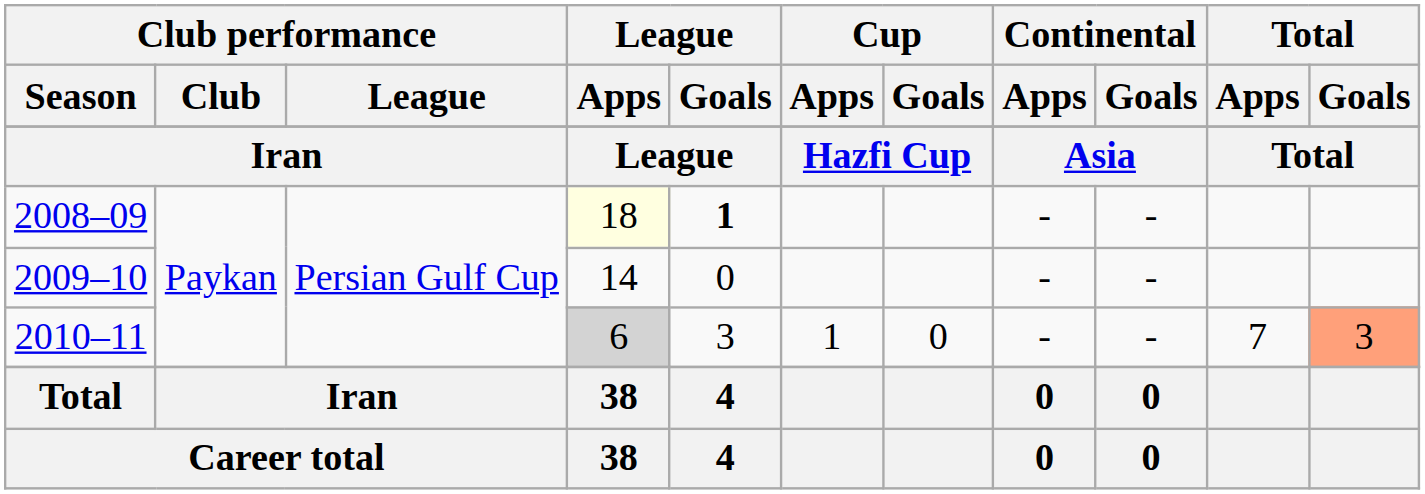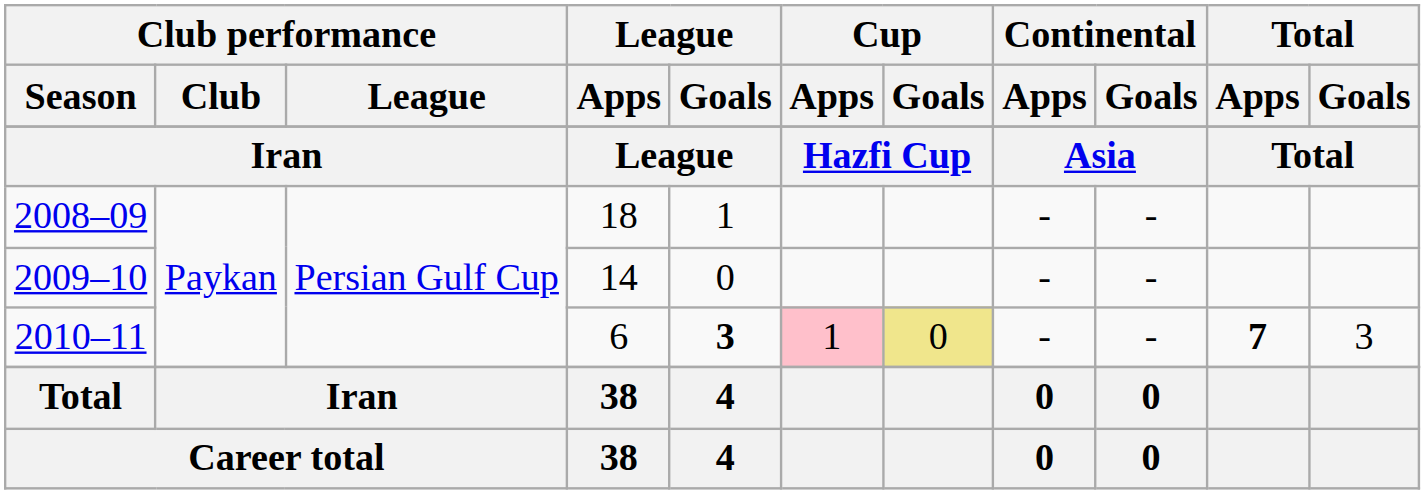 <table class="wikitable" style="text-align:center">
 <tr>
 <th colspan=3>Club performance</th>
 <th colspan=2>League</th>
 <th colspan=2>Cup</th>
 <th colspan=2>Continental</th>
 <th colspan=2>Total</th>
 </tr>
 <tr>
 <th>Season</th>
 <th>Club</th>
 <th>League</th>
 <th>Apps</th>
 <th>Goals</th>
 <th>Apps</th>
 <th>Goals</th>
 <th>Apps</th>
 <th>Goals</th>
 <th>Apps</th>
 <th>Goals</th>
 </tr>
 <tr>
 </tr>
 <tr>
 <th colspan=3>Iran</th>
 <th colspan=2>League</th>
 <th colspan=2><a href='#'>Hazfi Cup</a></th>
 <th colspan=2><a href='#'>Asia</a></th>
 <th colspan=2>Total</th>
 </tr>
 <tr>
 <td><a href='#'>2008–09</a></td>
 <td rowspan="3"><a href='#'>Paykan</a></td>
 <td rowspan="3"><a href='#'>Persian Gulf Cup</a></td>
-<td style="background: lightyellow;">18</td>
-<td><strong>1</strong></td>
+<td>18</td>
+<td>1</td>
 <td></td>
 <td></td>
 <td>-</td>
 <td>-</td>
 <td></td>
 <td></td>
 </tr>
 <tr>
 <td><a href='#'>2009–10</a></td>
 <td>14</td>
 <td>0</td>
 <td></td>
 <td></td>
 <td>-</td>
 <td>-</td>
 <td></td>
 <td></td>
 </tr>
 <tr>
 <td><a href='#'>2010–11</a></td>
-<td style="background: lightgrey;">6</td>
-<td>3</td>
-<td>1</td>
-<td>0</td>
+<td>6</td>
+<td><strong>3</strong></td>
+<td style="background: pink;">1</td>
+<td style="background: khaki;">0</td>
 <td>-</td>
 <td>-</td>
-<td>7</td>
-<td style="background: lightsalmon;">3</td>
+<td><strong>7</strong></td>
+<td>3</td>
 </tr>
 <tr>
 </tr>
 <tr>
 <th rowspan=1>Total</th>
 <th colspan=2>Iran</th>
 <th>38</th>
 <th>4</th>
 <th></th>
 <th></th>
 <th>0</th>
 <th>0</th>
 <th></th>
 <th></th>
 </tr>
 <tr>
 <th colspan=3>Career total</th>
 <th>38</th>
 <th>4</th>
 <th></th>
 <th></th>
 <th>0</th>
 <th>0</th>
 <th></th>
 <th></th>
 </tr>
 </table>
